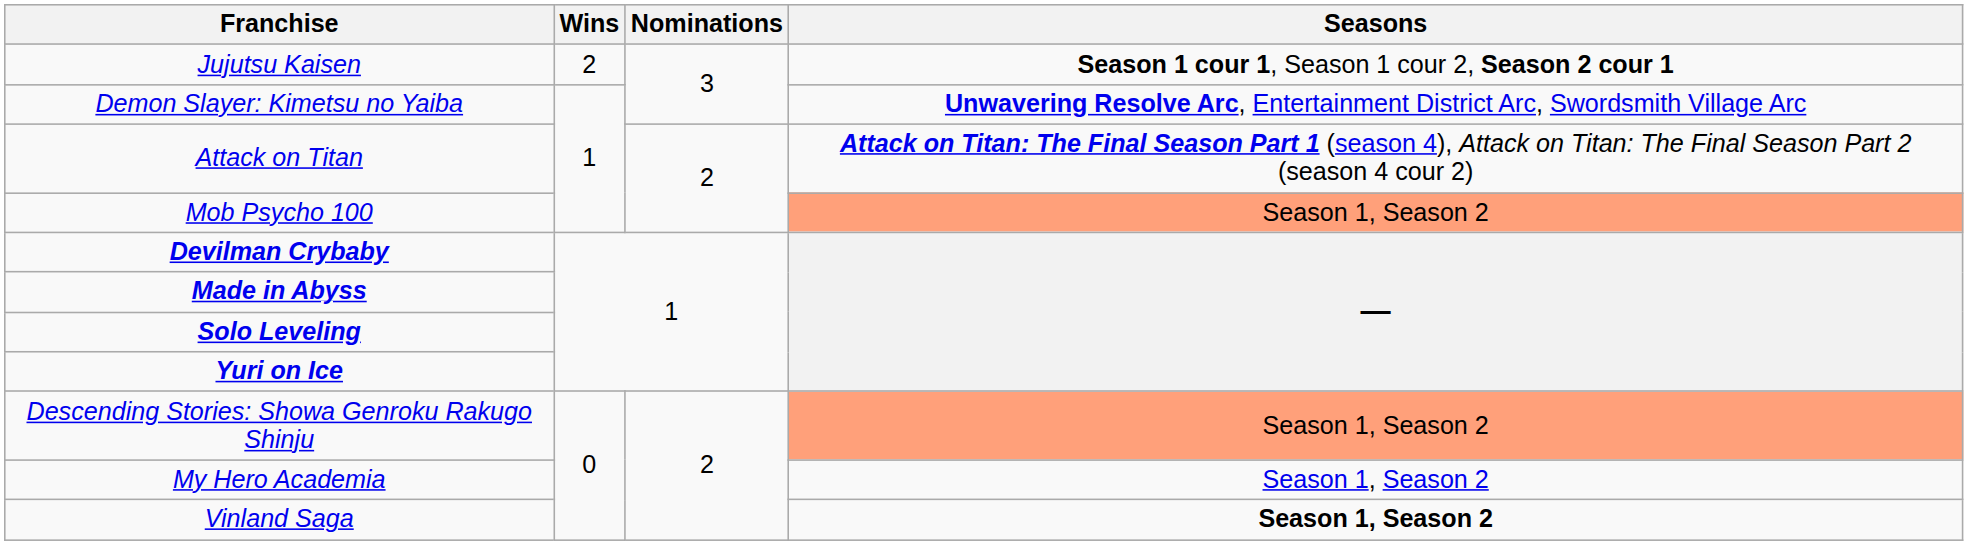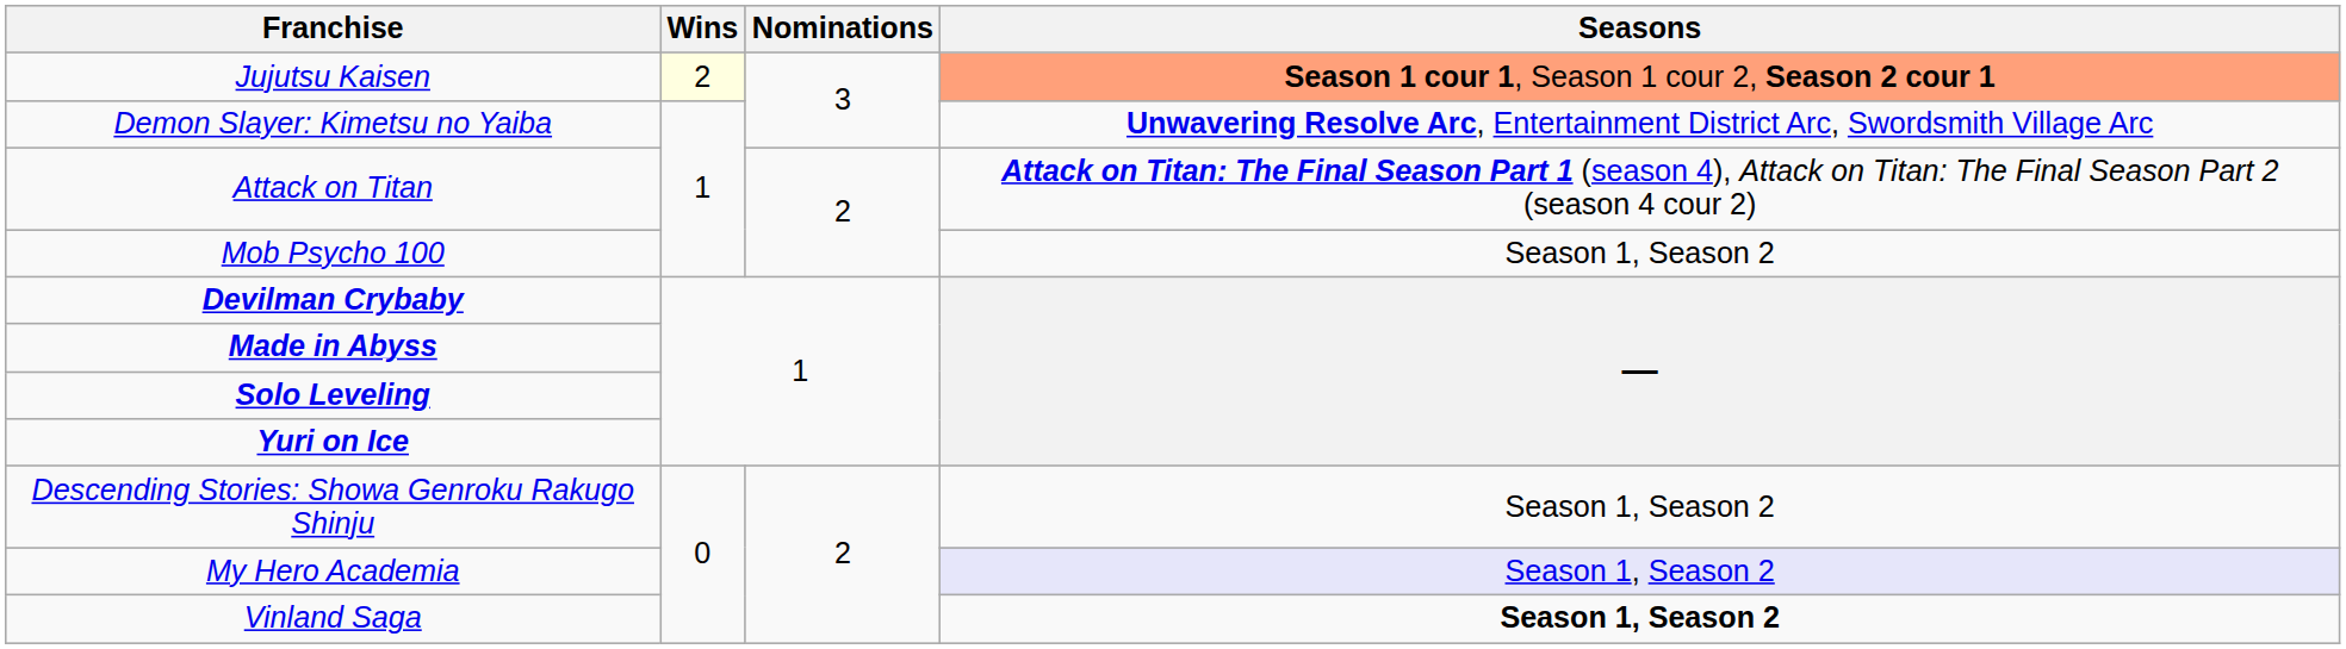 <table class="wikitable plainrowheaders sortable" style="text-align:center;">
 <tr>
 <th>Franchise</th>
 <th>Wins</th>
 <th>Nominations</th>
 <th>Seasons</th>
 </tr>
 <tr>
 <td><em><a href='#'>Jujutsu Kaisen</a></em></td>
-<td>2</td>
+<td style="background: lightyellow;">2</td>
 <td rowspan="2">3</td>
-<td><strong>Season 1 cour 1</strong>, Season 1 cour 2, <strong>Season 2 cour 1</strong></td>
+<td style="background: lightsalmon;"><strong>Season 1 cour 1</strong>, Season 1 cour 2, <strong>Season 2 cour 1</strong></td>
 </tr>
 <tr>
 <td><em><a href='#'>Demon Slayer: Kimetsu no Yaiba</a></em></td>
 <td rowspan="3">1</td>
 <td><a href='#'><strong>Unwavering Resolve Arc</strong></a>, <a href='#'>Entertainment District Arc</a>, <a href='#'>Swordsmith Village Arc</a></td>
 </tr>
 <tr>
 <td><em><a href='#'>Attack on Titan</a></em></td>
 <td rowspan="2">2</td>
 <td><strong><em><a href='#'>Attack on Titan: The Final Season Part 1</a></em></strong> (<a href='#'>season 4</a>), <em>Attack on Titan: The Final Season Part 2</em> (season 4 cour 2)</td>
 </tr>
 <tr>
 <td><em><a href='#'>Mob Psycho 100</a></em></td>
-<td style="background: lightsalmon;">Season 1, Season 2</td>
+<td>Season 1, Season 2</td>
 </tr>
 <tr>
 <td><strong><em><a href='#'>Devilman Crybaby</a></em></strong></td>
 <td colspan="2" rowspan="4">1</td>
 <th rowspan="4"><strong><big>—</big></strong></th>
 </tr>
 <tr>
 <td><strong><em><a href='#'>Made in Abyss</a></em></strong></td>
 </tr>
 <tr>
 <td><strong><em><a href='#'>Solo Leveling</a></em></strong></td>
 </tr>
 <tr>
 <td><strong><em><a href='#'>Yuri on Ice</a></em></strong></td>
 </tr>
 <tr>
 <td><em><a href='#'>Descending Stories: Showa Genroku Rakugo Shinju</a></em></td>
 <td rowspan="3">0</td>
 <td rowspan="3">2</td>
-<td style="background: lightsalmon;">Season 1, Season 2</td>
+<td>Season 1, Season 2</td>
 </tr>
 <tr>
 <td><em><a href='#'>My Hero Academia</a></em></td>
-<td><a href='#'>Season 1</a>, <a href='#'>Season 2</a></td>
+<td style="background: lavender;"><a href='#'>Season 1</a>, <a href='#'>Season 2</a></td>
 </tr>
 <tr>
 <td><em><a href='#'>Vinland Saga</a></em></td>
 <td><strong>Season 1, Season 2</strong></td>
 </tr>
 </table>
